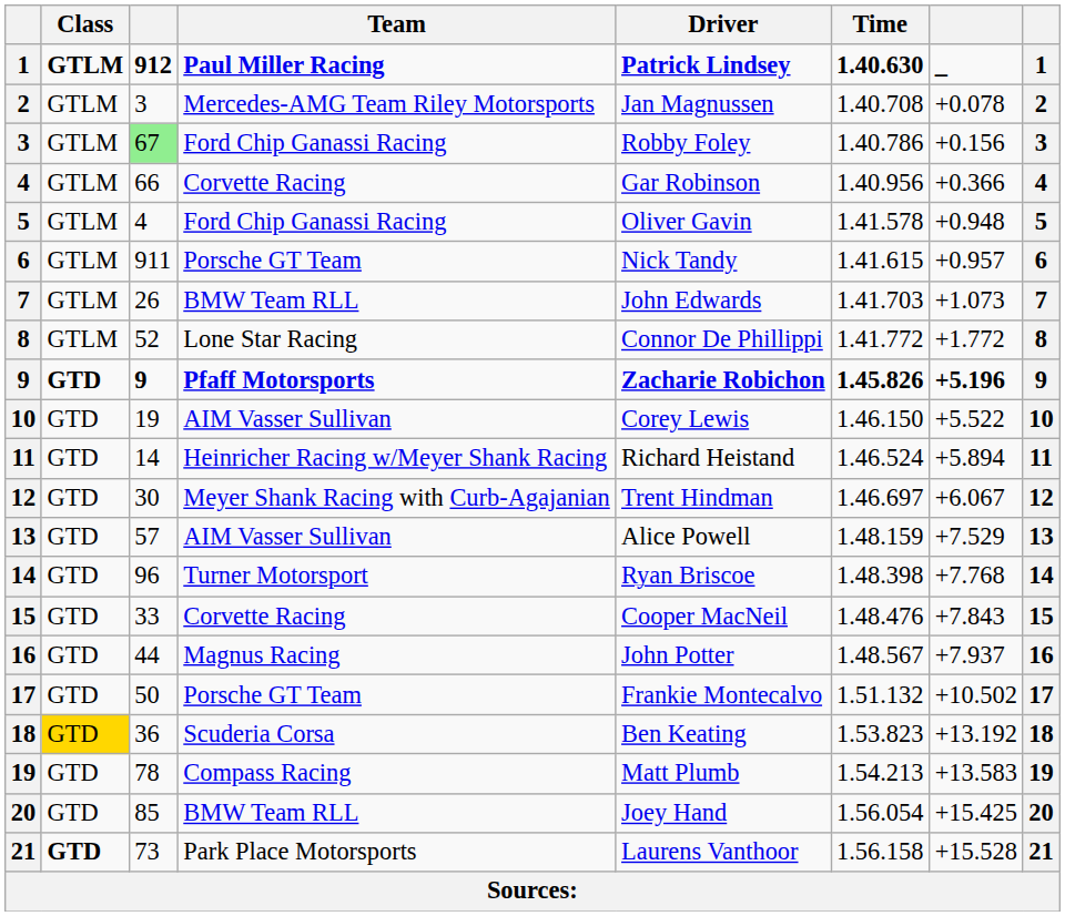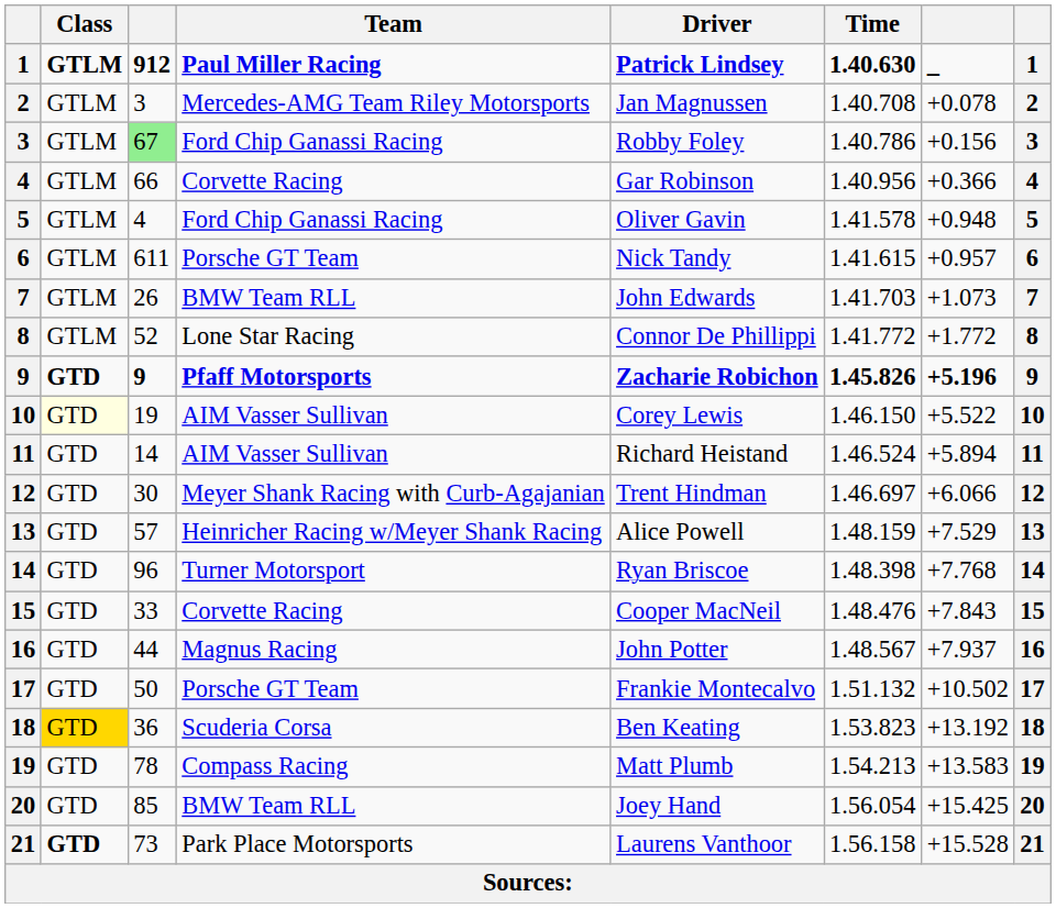 <table class="wikitable">
 <tr>
 <th scope="col"></th>
 <th scope="col">Class</th>
 <th scope="col"></th>
 <th scope="col">Team</th>
 <th scope="col">Driver</th>
 <th scope="col">Time</th>
 <th scope="col"></th>
 <th scope="col"></th>
 </tr>
 <tr style="font-weight:bold">
 <th scope="row">1</th>
 <td>GTLM</td>
 <td>912</td>
 <td> <a href='#'>Paul Miller Racing</a></td>
 <td> <a href='#'>Patrick Lindsey</a></td>
 <td>1.40.630</td>
 <td>_</td>
 <th>1 </th>
 </tr>
 <tr>
 <th scope="row">2</th>
 <td>GTLM</td>
 <td>3</td>
 <td> <a href='#'>Mercedes-AMG Team Riley Motorsports</a></td>
 <td> <a href='#'>Jan Magnussen</a></td>
 <td>1.40.708</td>
 <td>+0.078</td>
 <th>2</th>
 </tr>
 <tr>
 <th scope="row">3</th>
 <td>GTLM</td>
 <td style="background: lightgreen;">67</td>
 <td> <a href='#'>Ford Chip Ganassi Racing</a></td>
 <td> <a href='#'>Robby Foley</a></td>
 <td>1.40.786</td>
 <td>+0.156</td>
 <th>3</th>
 </tr>
 <tr>
 <th scope="row">4</th>
 <td>GTLM</td>
 <td>66</td>
 <td> <a href='#'>Corvette Racing</a></td>
 <td> <a href='#'>Gar Robinson</a></td>
 <td>1.40.956</td>
 <td>+0.366</td>
 <th>4</th>
 </tr>
 <tr>
 <th scope="row">5</th>
 <td>GTLM</td>
 <td>4</td>
 <td> <a href='#'>Ford Chip Ganassi Racing</a></td>
 <td> <a href='#'>Oliver Gavin</a></td>
 <td>1.41.578</td>
 <td>+0.948</td>
 <th>5</th>
 </tr>
 <tr>
 <th scope="row">6</th>
 <td>GTLM</td>
-<td>911</td>
+<td>611</td>
 <td> <a href='#'>Porsche GT Team</a></td>
 <td> <a href='#'>Nick Tandy</a></td>
 <td>1.41.615</td>
 <td>+0.957</td>
 <th>6</th>
 </tr>
 <tr>
 <th scope="row">7</th>
 <td>GTLM</td>
 <td>26</td>
 <td> <a href='#'>BMW Team RLL</a></td>
 <td> <a href='#'>John Edwards</a></td>
 <td>1.41.703</td>
 <td>+1.073</td>
 <th>7</th>
 </tr>
 <tr>
 <th scope="row">8</th>
 <td>GTLM</td>
 <td>52</td>
 <td> Lone Star Racing</td>
 <td> <a href='#'>Connor De Phillippi</a></td>
 <td>1.41.772</td>
 <td>+1.772</td>
 <th>8</th>
 </tr>
 <tr style="font-weight:bold">
 <th scope="row">9</th>
 <td>GTD</td>
 <td>9</td>
 <td> <a href='#'>Pfaff Motorsports</a></td>
 <td> <a href='#'>Zacharie Robichon</a></td>
 <td>1.45.826</td>
 <td>+5.196</td>
 <th>9</th>
 </tr>
 <tr>
 <th scope="row">10</th>
-<td>GTD</td>
+<td style="background: lightyellow;">GTD</td>
 <td>19</td>
 <td> <a href='#'>AIM Vasser Sullivan</a></td>
 <td> <a href='#'>Corey Lewis</a></td>
 <td>1.46.150</td>
 <td>+5.522</td>
 <th>10</th>
 </tr>
 <tr>
 <th scope="row">11</th>
 <td>GTD</td>
 <td>14</td>
-<td> <a href='#'>Heinricher Racing w/Meyer Shank Racing</a></td>
+<td> <a href='#'>AIM Vasser Sullivan</a></td>
 <td> Richard Heistand</td>
 <td>1.46.524</td>
 <td>+5.894</td>
 <th>11</th>
 </tr>
 <tr>
 <th scope="row">12</th>
 <td>GTD</td>
 <td>30</td>
 <td> <a href='#'>Meyer Shank Racing</a> with <a href='#'>Curb-Agajanian</a></td>
 <td> <a href='#'>Trent Hindman</a></td>
 <td>1.46.697</td>
-<td>+6.067</td>
+<td>+6.066</td>
 <th>12</th>
 </tr>
 <tr>
 <th scope="row">13</th>
 <td>GTD</td>
 <td>57</td>
-<td> <a href='#'>AIM Vasser Sullivan</a></td>
+<td> <a href='#'>Heinricher Racing w/Meyer Shank Racing</a></td>
 <td> Alice Powell</td>
 <td>1.48.159</td>
 <td>+7.529</td>
 <th>13</th>
 </tr>
 <tr>
 <th scope="row">14</th>
 <td>GTD</td>
 <td>96</td>
 <td> <a href='#'>Turner Motorsport</a></td>
 <td> <a href='#'>Ryan Briscoe</a></td>
 <td>1.48.398</td>
 <td>+7.768</td>
 <th>14</th>
 </tr>
 <tr>
 <th scope="row">15</th>
 <td>GTD</td>
 <td>33</td>
 <td> <a href='#'>Corvette Racing</a></td>
 <td> <a href='#'>Cooper MacNeil</a></td>
 <td>1.48.476</td>
 <td>+7.843</td>
 <th>15</th>
 </tr>
 <tr>
 <th scope="row">16</th>
 <td>GTD</td>
 <td>44</td>
 <td> <a href='#'>Magnus Racing</a></td>
 <td> <a href='#'>John Potter</a></td>
 <td>1.48.567</td>
 <td>+7.937</td>
 <th>16</th>
 </tr>
 <tr>
 <th scope="row">17</th>
 <td>GTD</td>
 <td>50</td>
 <td> <a href='#'>Porsche GT Team</a></td>
 <td> <a href='#'>Frankie Montecalvo</a></td>
 <td>1.51.132</td>
 <td>+10.502</td>
 <th>17</th>
 </tr>
 <tr>
 <th scope="row">18</th>
 <td style="background: gold;">GTD</td>
 <td>36</td>
 <td> <a href='#'>Scuderia Corsa</a></td>
 <td> <a href='#'>Ben Keating</a></td>
 <td>1.53.823</td>
 <td>+13.192</td>
 <th>18</th>
 </tr>
 <tr>
 <th scope="row">19</th>
 <td>GTD</td>
 <td>78</td>
 <td> <a href='#'>Compass Racing</a></td>
 <td> <a href='#'>Matt Plumb</a></td>
 <td>1.54.213</td>
 <td>+13.583</td>
 <th>19</th>
 </tr>
 <tr>
 <th scope="row">20</th>
 <td>GTD</td>
 <td>85</td>
 <td> <a href='#'>BMW Team RLL</a></td>
 <td> <a href='#'>Joey Hand</a></td>
 <td>1.56.054</td>
 <td>+15.425</td>
 <th>20</th>
 </tr>
 <tr>
 <th scope="row">21</th>
 <td><strong>GTD</strong></td>
 <td>73</td>
 <td> Park Place Motorsports</td>
 <td> <a href='#'>Laurens Vanthoor</a></td>
 <td>1.56.158</td>
 <td>+15.528</td>
 <th>21</th>
 </tr>
 <tr>
 <th colspan="8">Sources:</th>
 </tr>
 <tr>
 </tr>
 </table>
